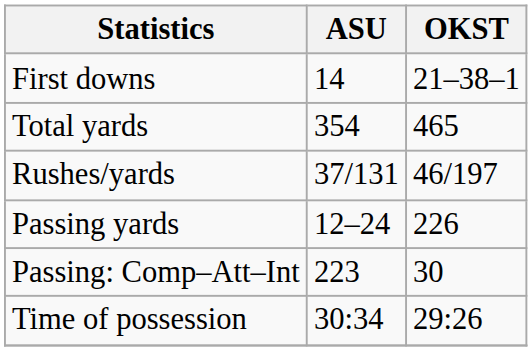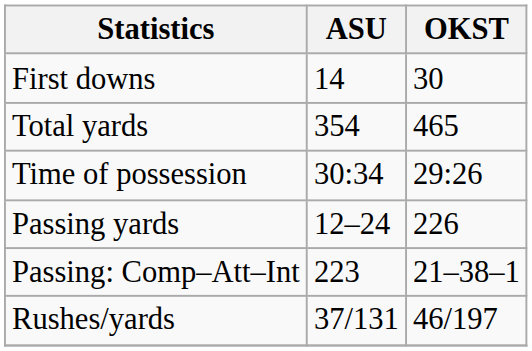 <table class="wikitable" style="float: left;">
 <tr>
 <th>Statistics</th>
 <th>ASU</th>
 <th>OKST</th>
 </tr>
 <tr>
 <td>First downs</td>
 <td>14</td>
-<td>21–38–1</td>
+<td>30</td>
 </tr>
 <tr>
 <td>Total yards</td>
 <td>354</td>
 <td>465</td>
 </tr>
 <tr>
-<td>Rushes/yards</td>
-<td>37/131</td>
-<td>46/197</td>
+<td>Time of possession</td>
+<td>30:34</td>
+<td>29:26</td>
 </tr>
 <tr>
 <td>Passing yards</td>
 <td>12–24</td>
 <td>226</td>
 </tr>
 <tr>
 <td>Passing: Comp–Att–Int</td>
 <td>223</td>
-<td>30</td>
+<td>21–38–1</td>
 </tr>
 <tr>
-<td>Time of possession</td>
-<td>30:34</td>
-<td>29:26</td>
+<td>Rushes/yards</td>
+<td>37/131</td>
+<td>46/197</td>
 </tr>
 <tr>
 </tr>
 </table>
